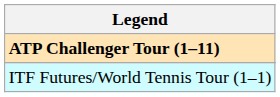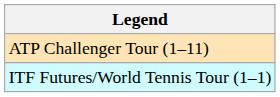 <table class="wikitable" style="font-size:95%">
 <tr>
 <th>Legend</th>
 </tr>
 <tr bgcolor="moccasin">
-<td><strong>ATP Challenger Tour (1–11)</strong></td>
+<td>ATP Challenger Tour (1–11)</td>
 </tr>
 <tr>
 </tr>
 <tr bgcolor="#cffcff">
 <td>ITF Futures/World Tennis Tour (1–1)</td>
 </tr>
 </table>
